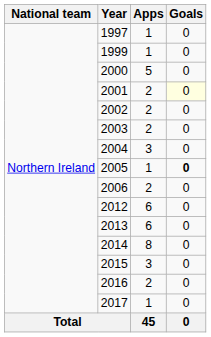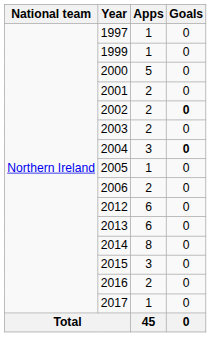 <table class="wikitable" style="text-align:center">
 <tr>
 <th>National team</th>
 <th>Year</th>
 <th>Apps</th>
 <th>Goals</th>
 </tr>
 <tr>
 <td rowspan="15"><a href='#'>Northern Ireland</a></td>
 <td>1997</td>
 <td>1</td>
 <td>0</td>
 </tr>
 <tr>
 <td>1999</td>
 <td>1</td>
 <td>0</td>
 </tr>
 <tr>
 <td>2000</td>
 <td>5</td>
 <td>0</td>
 </tr>
 <tr>
 <td>2001</td>
 <td>2</td>
-<td style="background: lightyellow;">0</td>
+<td>0</td>
 </tr>
 <tr>
 <td>2002</td>
 <td>2</td>
-<td>0</td>
+<td><strong>0</strong></td>
 </tr>
 <tr>
 <td>2003</td>
 <td>2</td>
 <td>0</td>
 </tr>
 <tr>
 <td>2004</td>
 <td>3</td>
-<td>0</td>
+<td><strong>0</strong></td>
 </tr>
 <tr>
 <td>2005</td>
 <td>1</td>
-<td><strong>0</strong></td>
+<td>0</td>
 </tr>
 <tr>
 <td>2006</td>
 <td>2</td>
 <td>0</td>
 </tr>
 <tr>
 <td>2012</td>
 <td>6</td>
 <td>0</td>
 </tr>
 <tr>
 <td>2013</td>
 <td>6</td>
 <td>0</td>
 </tr>
 <tr>
 <td>2014</td>
 <td>8</td>
 <td>0</td>
 </tr>
 <tr>
 <td>2015</td>
 <td>3</td>
 <td>0</td>
 </tr>
 <tr>
 <td>2016</td>
 <td>2</td>
 <td>0</td>
 </tr>
 <tr>
 <td>2017</td>
 <td>1</td>
 <td>0</td>
 </tr>
 <tr>
 <th colspan="2">Total</th>
 <th>45</th>
 <th>0</th>
 </tr>
 </table>
